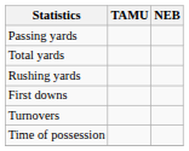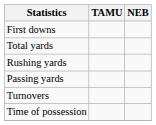 <table class="wikitable" style="float: left;">
 <tr>
 <th>Statistics</th>
 <th>TAMU</th>
 <th>NEB</th>
 </tr>
 <tr>
-<td>Passing yards</td>
+<td>First downs</td>
 <td></td>
 <td></td>
 </tr>
 <tr>
 <td>Total yards</td>
 <td></td>
 <td></td>
 </tr>
 <tr>
 <td>Rushing yards</td>
 <td></td>
 <td></td>
 </tr>
 <tr>
-<td>First downs</td>
+<td>Passing yards</td>
 <td></td>
 <td></td>
 </tr>
 <tr>
 <td>Turnovers</td>
 <td></td>
 <td></td>
 </tr>
 <tr>
 <td>Time of possession</td>
 <td></td>
 <td></td>
 </tr>
 <tr>
 </tr>
 </table>
